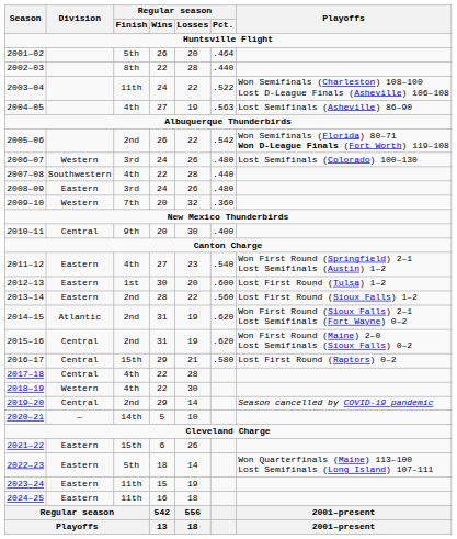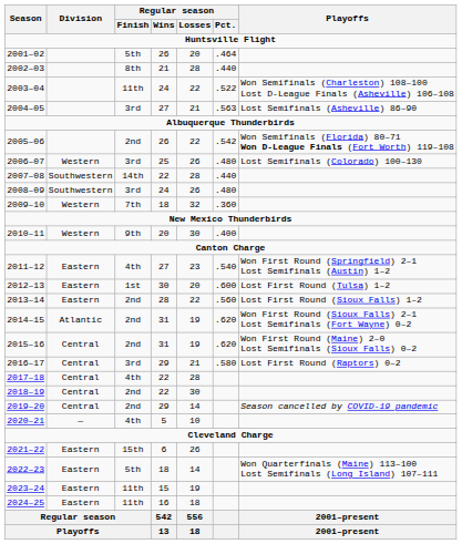 <table class="wikitable" style="font-size:95%; text-align:center">
 <tr>
 <th rowspan=2>Season</th>
 <th rowspan=2>Division</th>
 <th colspan=4>Regular season</th>
 <th rowspan=2>Playoffs</th>
 </tr>
 <tr>
 <th>Finish</th>
 <th>Wins</th>
 <th>Losses</th>
 <th>Pct.</th>
 </tr>
 <tr>
 <td colspan=10 align="center" style=><strong>Huntsville Flight</strong></td>
 </tr>
 <tr>
 <td>2001–02</td>
 <td></td>
 <td>5th</td>
 <td>26</td>
 <td>20</td>
 <td>.464</td>
 <td></td>
 </tr>
 <tr>
 <td>2002–03</td>
 <td></td>
 <td>8th</td>
-<td>22</td>
+<td>21</td>
 <td>28</td>
 <td>.440</td>
 <td></td>
 </tr>
 <tr>
 <td>2003–04</td>
 <td></td>
 <td>11th</td>
 <td>24</td>
 <td>22</td>
 <td>.522</td>
 <td align=left>Won Semifinals (<a href='#'>Charleston</a>) 108–100<br> Lost D-League Finals (<a href='#'>Asheville</a>) 106–108</td>
 </tr>
 <tr>
 <td>2004–05</td>
 <td></td>
-<td>4th</td>
+<td>3rd</td>
 <td>27</td>
-<td>19</td>
+<td>21</td>
 <td>.563</td>
 <td align=left>Lost Semifinals (<a href='#'>Asheville</a>) 86–90</td>
 </tr>
 <tr>
 <td colspan=10 align="center"><strong>Albuquerque Thunderbirds</strong></td>
 </tr>
 <tr>
 <td>2005–06</td>
 <td></td>
 <td>2nd</td>
 <td>26</td>
 <td>22</td>
 <td>.542</td>
 <td align=left>Won Semifinals (<a href='#'>Florida</a>) 80–71<br> <strong>Won D-League Finals</strong> (<a href='#'>Fort Worth</a>) 119–108</td>
 </tr>
 <tr>
 <td>2006–07</td>
 <td>Western</td>
 <td>3rd</td>
-<td>24</td>
+<td>25</td>
 <td>26</td>
 <td>.480</td>
 <td align=left>Lost Semifinals (<a href='#'>Colorado</a>) 100–130</td>
 </tr>
 <tr>
 <td>2007–08</td>
 <td>Southwestern</td>
-<td>4th</td>
+<td>14th</td>
 <td>22</td>
 <td>28</td>
 <td>.440</td>
 <td></td>
 </tr>
 <tr>
 <td>2008–09</td>
-<td>Eastern</td>
+<td>Southwestern</td>
 <td>3rd</td>
 <td>24</td>
 <td>26</td>
 <td>.480</td>
 <td></td>
 </tr>
 <tr>
 <td>2009–10</td>
 <td>Western</td>
 <td>7th</td>
-<td>20</td>
+<td>18</td>
 <td>32</td>
 <td>.360</td>
 <td></td>
 </tr>
 <tr>
 <td colspan=10 align="center"><strong>New Mexico Thunderbirds</strong></td>
 </tr>
 <tr>
 <td>2010–11</td>
-<td>Central</td>
+<td>Western</td>
 <td>9th</td>
 <td>20</td>
 <td>30</td>
 <td>.400</td>
 <td></td>
 </tr>
 <tr>
 <td colspan=10 align="center"><strong>Canton Charge</strong></td>
 </tr>
 <tr>
 <td>2011–12</td>
 <td>Eastern</td>
 <td>4th</td>
 <td>27</td>
 <td>23</td>
 <td>.540</td>
 <td align=left>Won First Round (<a href='#'>Springfield</a>) 2–1<br> Lost Semifinals (<a href='#'>Austin</a>) 1–2</td>
 </tr>
 <tr>
 <td>2012–13</td>
 <td>Eastern</td>
 <td>1st</td>
 <td>30</td>
 <td>20</td>
 <td>.600</td>
 <td align=left>Lost First Round (<a href='#'>Tulsa</a>) 1–2</td>
 </tr>
 <tr>
 <td>2013–14</td>
 <td>Eastern</td>
 <td>2nd</td>
 <td>28</td>
 <td>22</td>
 <td>.560</td>
 <td align=left>Lost First Round (<a href='#'>Sioux Falls</a>) 1–2</td>
 </tr>
 <tr>
 <td>2014–15</td>
 <td>Atlantic</td>
 <td>2nd</td>
 <td>31</td>
 <td>19</td>
 <td>.620</td>
 <td align=left>Won First Round (<a href='#'>Sioux Falls</a>) 2–1<br> Lost Semifinals (<a href='#'>Fort Wayne</a>) 0–2</td>
 </tr>
 <tr>
 <td>2015–16</td>
 <td>Central</td>
 <td>2nd</td>
 <td>31</td>
 <td>19</td>
 <td>.620</td>
 <td align=left>Won First Round (<a href='#'>Maine</a>) 2–0<br> Lost Semifinals (<a href='#'>Sioux Falls</a>) 0–2</td>
 </tr>
 <tr>
 <td>2016–17</td>
 <td>Central</td>
-<td>15th</td>
+<td>3rd</td>
 <td>29</td>
 <td>21</td>
 <td>.580</td>
 <td align=left>Lost First Round (<a href='#'>Raptors</a>) 0–2</td>
 </tr>
 <tr>
 <td><a href='#'>2017–18</a></td>
 <td>Central</td>
 <td>4th</td>
 <td>22</td>
 <td>28</td>
 <td></td>
 <td></td>
 </tr>
 <tr>
 <td><a href='#'>2018–19</a></td>
-<td>Western</td>
-<td>4th</td>
+<td>Central</td>
+<td>2nd</td>
 <td>22</td>
 <td>30</td>
 <td></td>
 <td></td>
 </tr>
 <tr>
 <td><a href='#'>2019–20</a></td>
 <td>Central</td>
 <td>2nd</td>
 <td>29</td>
 <td>14</td>
 <td></td>
 <td align=left><em>Season cancelled by <a href='#'>COVID-19 pandemic</a></em></td>
 </tr>
 <tr>
 <td><a href='#'>2020–21</a></td>
 <td>—</td>
-<td>14th</td>
+<td>4th</td>
 <td>5</td>
 <td>10</td>
 <td></td>
 <td align=left></td>
 </tr>
 <tr>
 <td colspan=10 align="center"><strong>Cleveland Charge</strong></td>
 </tr>
 <tr>
 <td><a href='#'>2021–22</a></td>
 <td>Eastern</td>
 <td>15th</td>
 <td>6</td>
 <td>26</td>
 <td></td>
 <td align=left></td>
 </tr>
 <tr>
 <td><a href='#'>2022–23</a></td>
 <td>Eastern</td>
 <td>5th</td>
 <td>18</td>
 <td>14</td>
 <td></td>
 <td align=left>Won Quarterfinals (<a href='#'>Maine</a>) 113–100<br>Lost Semifinals (<a href='#'>Long Island</a>) 107–111</td>
 </tr>
 <tr>
 <td><a href='#'>2023–24</a></td>
 <td>Eastern</td>
 <td>11th</td>
 <td>15</td>
 <td>19</td>
 <td></td>
 <td></td>
 </tr>
 <tr>
 <td><a href='#'>2024–25</a></td>
 <td>Eastern</td>
 <td>11th</td>
 <td>16</td>
 <td>18</td>
 <td></td>
 <td></td>
 </tr>
 <tr>
 <th colspan=3>Regular season</th>
 <th>542</th>
 <th>556</th>
 <th></th>
 <th>2001–present</th>
 </tr>
 <tr>
 <th colspan=3>Playoffs</th>
 <th>13</th>
 <th>18</th>
 <th></th>
 <th>2001–present</th>
 </tr>
 </table>
